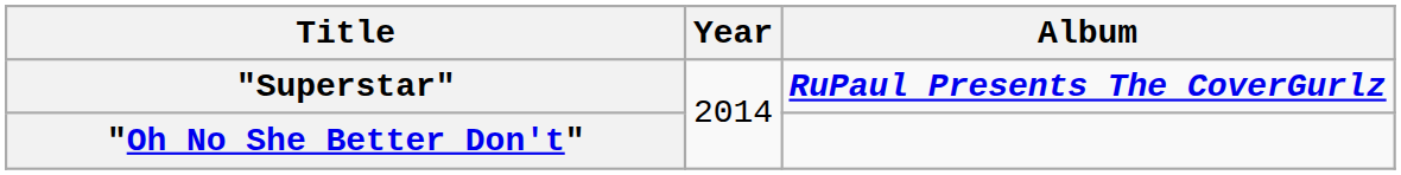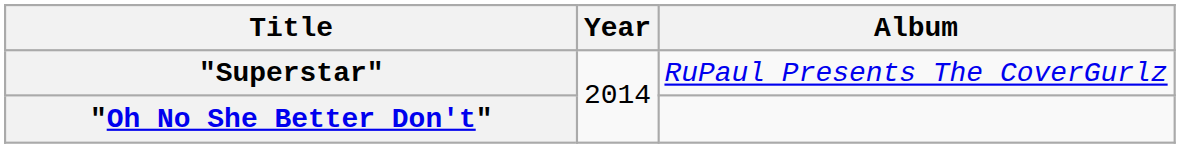 <table class="wikitable plainrowheaders" style="text-align:center;">
 <tr>
 <th style="width:20em;">Title</th>
 <th>Year</th>
 <th>Album</th>
 </tr>
 <tr>
 <th scope="row">"Superstar"</th>
 <td rowspan="2">2014</td>
-<td><strong><em><a href='#'>RuPaul Presents The CoverGurlz</a></em></strong></td>
+<td><em><a href='#'>RuPaul Presents The CoverGurlz</a></em></td>
 </tr>
 <tr>
 <th scope="row">"<a href='#'>Oh No She Better Don't</a>"<br></th>
 <td></td>
 </tr>
 </table>
